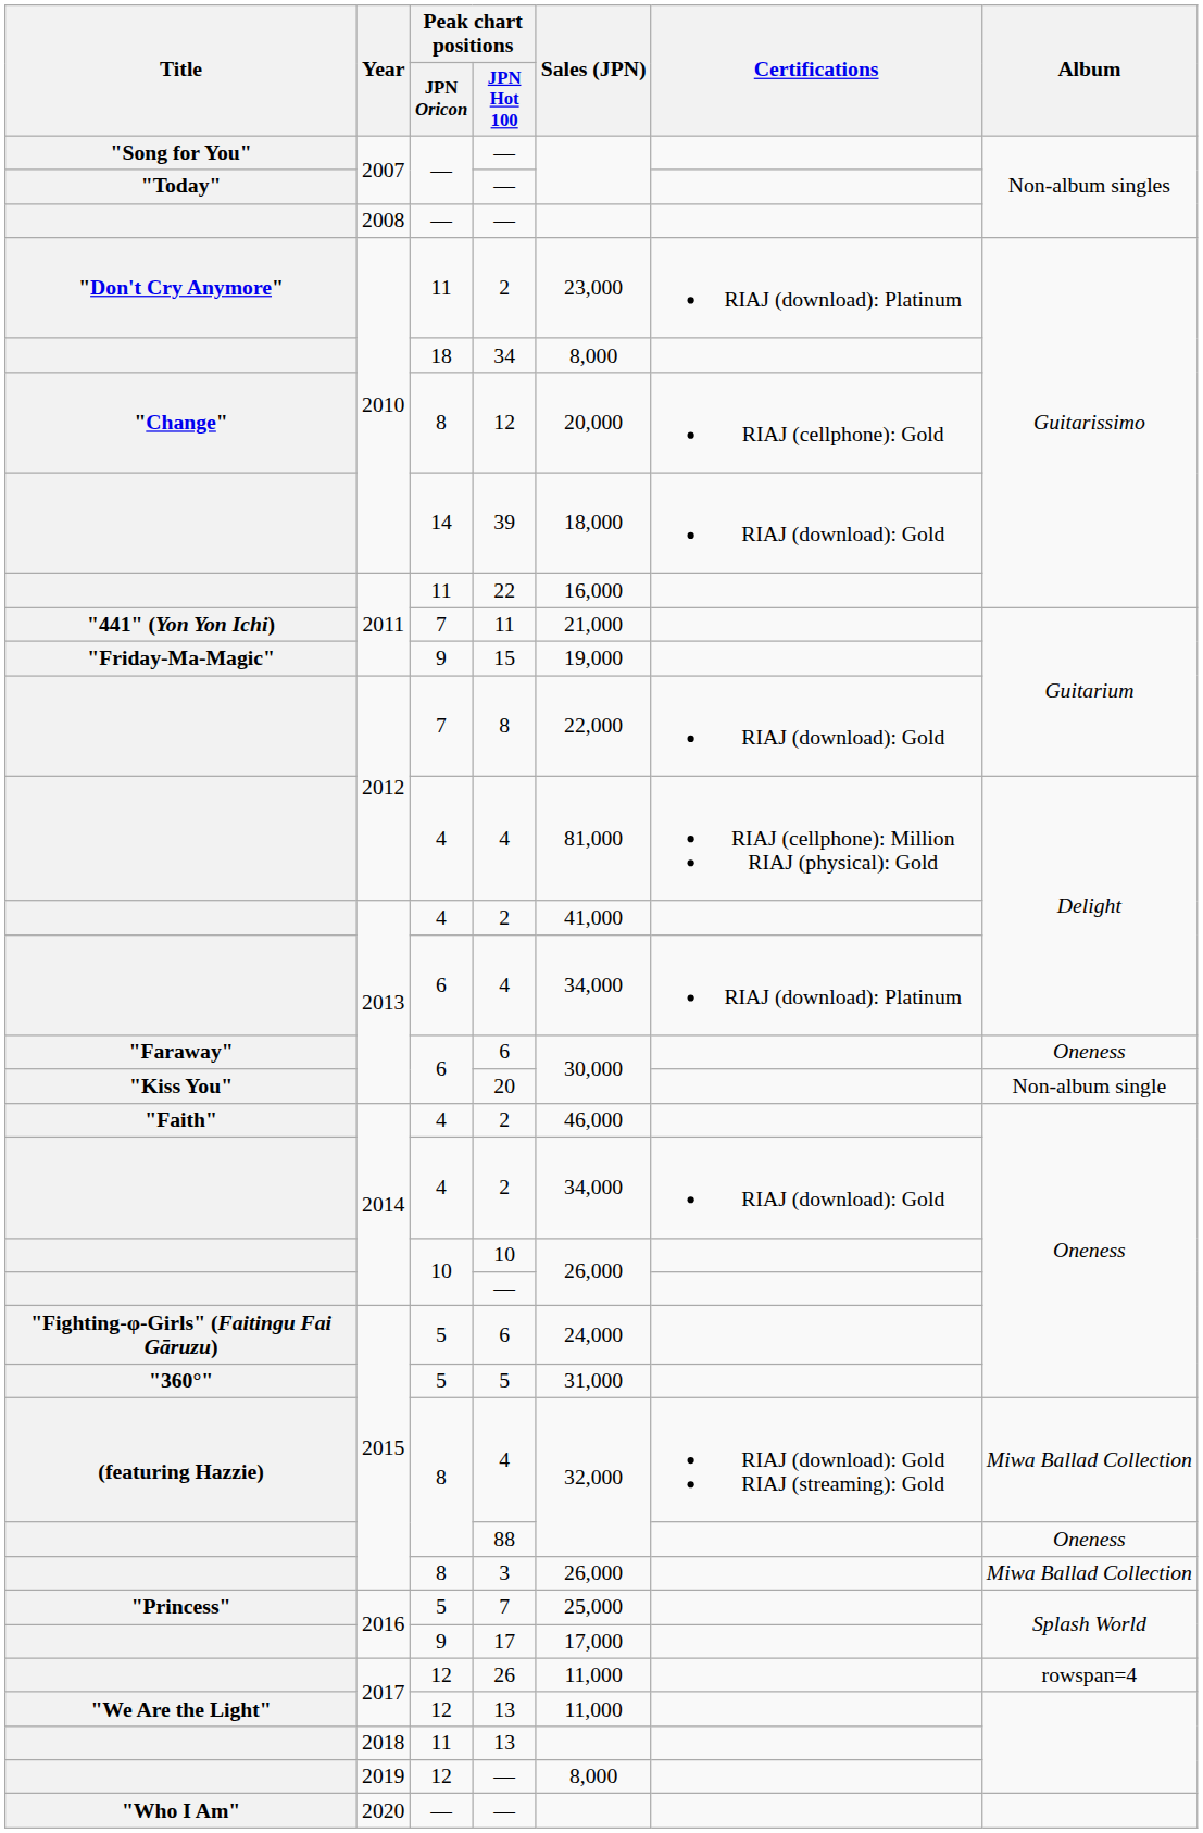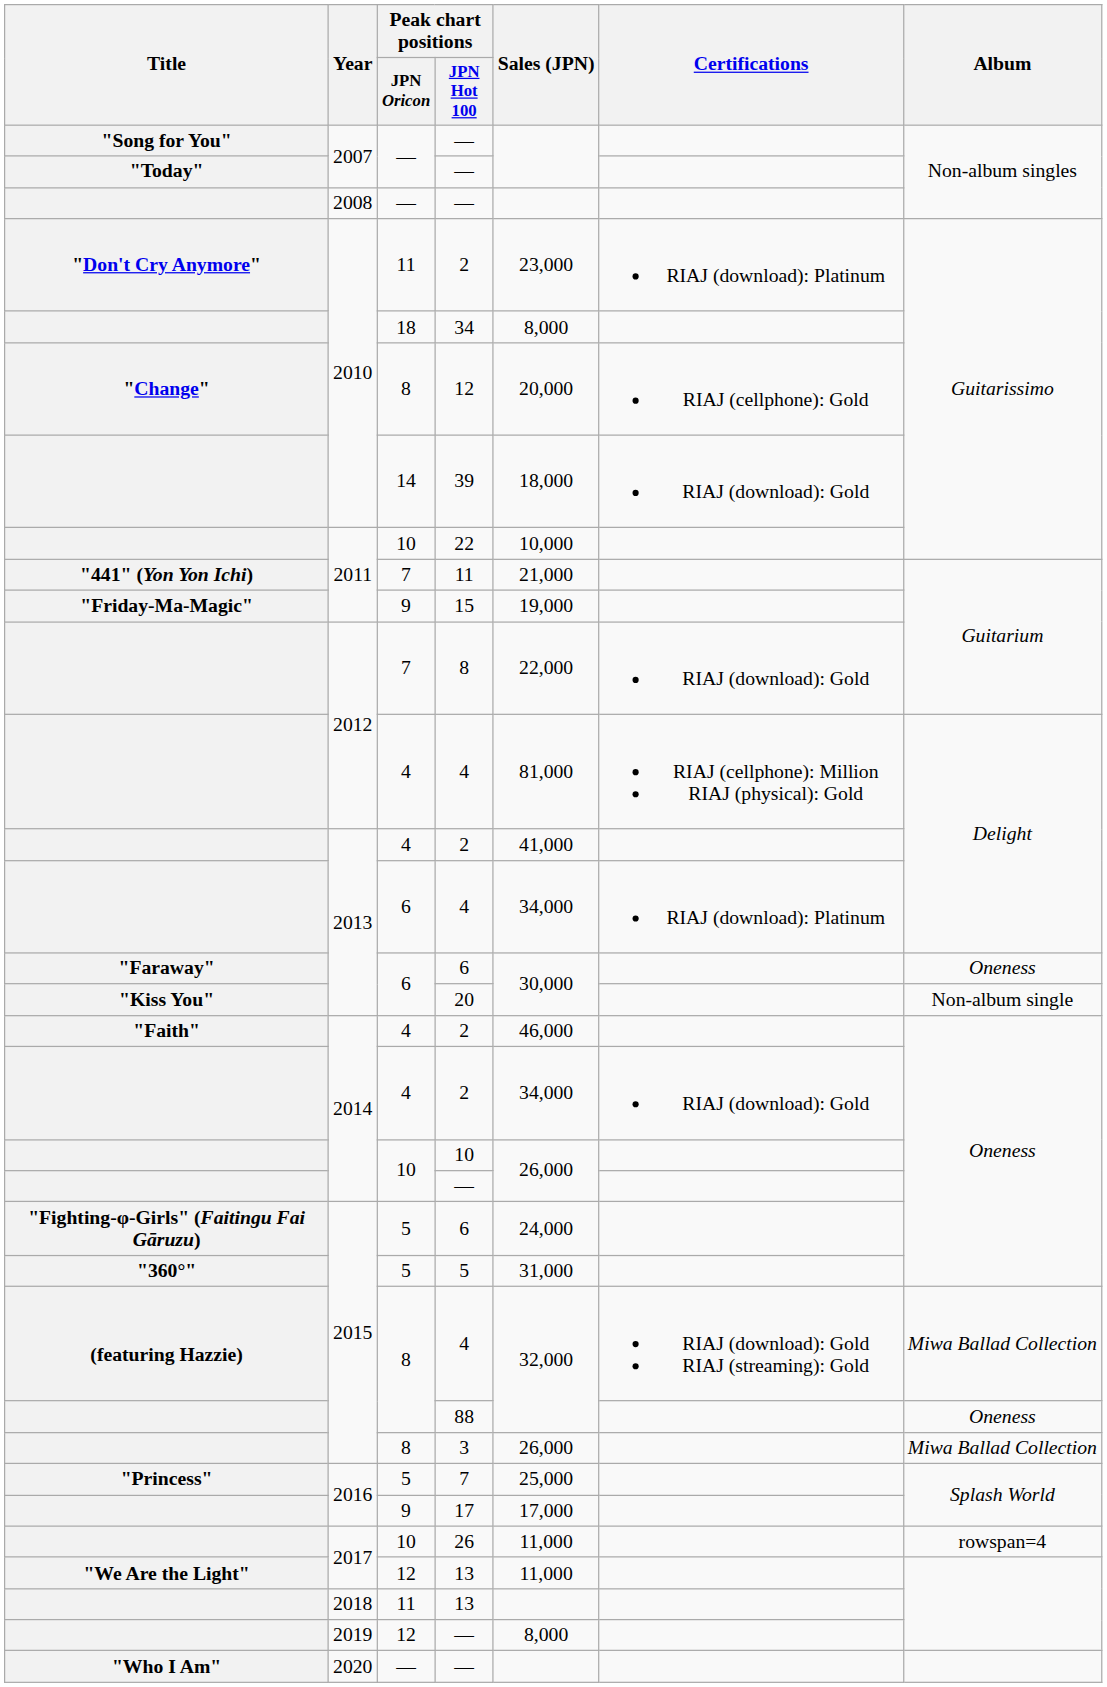 <table class="wikitable plainrowheaders" style="text-align:center;">
 <tr>
 <th scope="col" rowspan="2" style="width:16em;">Title</th>
 <th scope="col" rowspan="2">Year</th>
 <th scope="col" colspan="2">Peak chart positions</th>
 <th scope="col" rowspan="2">Sales (JPN)</th>
 <th scope="col" rowspan="2" style="width:15em;"><a href='#'>Certifications</a></th>
 <th scope="col" rowspan="2">Album</th>
 </tr>
 <tr>
 <th style="width:3em;font-size:85%">JPN <em>Oricon</em><br></th>
 <th style="width:3em;font-size:85%"><a href='#'>JPN Hot 100</a><br></th>
 </tr>
 <tr>
 <th scope="row">"Song for You"</th>
 <td rowspan=2>2007</td>
 <td rowspan=2>—</td>
 <td>—</td>
 <td rowspan=2></td>
 <td></td>
 <td rowspan=3>Non-album singles</td>
 </tr>
 <tr>
 <th scope="row">"Today"</th>
 <td>—</td>
 <td></td>
 </tr>
 <tr>
 <th scope="row"></th>
 <td>2008</td>
 <td>—</td>
 <td>—</td>
 <td></td>
 <td></td>
 </tr>
 <tr>
 <th scope="row">"<a href='#'>Don't Cry Anymore</a>"</th>
 <td rowspan=4>2010</td>
 <td>11</td>
 <td>2</td>
 <td>23,000</td>
 <td><br><ul><li>RIAJ <span>(download)</span>: Platinum</li></ul></td>
 <td rowspan=5><em>Guitarissimo</em></td>
 </tr>
 <tr>
 <th scope="row"></th>
 <td>18</td>
 <td>34</td>
 <td>8,000</td>
 <td></td>
 </tr>
 <tr>
 <th scope="row">"<a href='#'>Change</a>"</th>
 <td>8</td>
 <td>12</td>
 <td>20,000</td>
 <td><br><ul><li>RIAJ <span>(cellphone)</span>: Gold</li></ul></td>
 </tr>
 <tr>
 <th scope="row"></th>
 <td>14</td>
 <td>39</td>
 <td>18,000</td>
 <td><br><ul><li>RIAJ <span>(download)</span>: Gold</li></ul></td>
 </tr>
 <tr>
 <th scope="row"></th>
 <td rowspan=3>2011</td>
-<td>11</td>
+<td>10</td>
 <td>22</td>
-<td>16,000</td>
+<td>10,000</td>
 <td></td>
 </tr>
 <tr>
 <th scope="row">"441" (<em>Yon Yon Ichi</em>)</th>
 <td>7</td>
 <td>11</td>
 <td>21,000</td>
 <td></td>
 <td rowspan=3><em>Guitarium</em></td>
 </tr>
 <tr>
 <th scope="row">"Friday-Ma-Magic"</th>
 <td>9</td>
 <td>15</td>
 <td>19,000</td>
 <td></td>
 </tr>
 <tr>
 <th scope="row"></th>
 <td rowspan=2>2012</td>
 <td>7</td>
 <td>8</td>
 <td>22,000</td>
 <td><br><ul><li>RIAJ <span>(download)</span>: Gold</li></ul></td>
 </tr>
 <tr>
 <th scope="row"></th>
 <td>4</td>
 <td>4</td>
 <td>81,000</td>
 <td><br><ul><li>RIAJ <span>(cellphone)</span>: Million</li><li>RIAJ <span>(physical)</span>: Gold</li></ul></td>
 <td rowspan=3><em>Delight</em></td>
 </tr>
 <tr>
 <th scope="row"></th>
 <td rowspan=4>2013</td>
 <td>4</td>
 <td>2</td>
 <td>41,000</td>
 <td></td>
 </tr>
 <tr>
 <th scope="row"></th>
 <td>6</td>
 <td>4</td>
 <td>34,000</td>
 <td><br><ul><li>RIAJ <span>(download)</span>: Platinum</li></ul></td>
 </tr>
 <tr>
 <th scope="row">"Faraway"</th>
 <td rowspan=2>6</td>
 <td>6</td>
 <td rowspan=2>30,000</td>
 <td></td>
 <td><em>Oneness</em></td>
 </tr>
 <tr>
 <th scope="row">"Kiss You"</th>
 <td>20</td>
 <td></td>
 <td>Non-album single</td>
 </tr>
 <tr>
 <th scope="row">"Faith"</th>
 <td rowspan=4>2014</td>
 <td>4</td>
 <td>2</td>
 <td>46,000</td>
 <td></td>
 <td rowspan=6><em>Oneness</em></td>
 </tr>
 <tr>
 <th scope="row"></th>
 <td>4</td>
 <td>2</td>
 <td>34,000</td>
 <td><br><ul><li>RIAJ <span>(download)</span>: Gold</li></ul></td>
 </tr>
 <tr>
 <th scope="row"></th>
 <td rowspan=2>10</td>
 <td>10</td>
 <td rowspan=2>26,000</td>
 <td></td>
 </tr>
 <tr>
 <th scope="row"></th>
 <td>—</td>
 <td></td>
 </tr>
 <tr>
 <th scope="row">"Fighting-φ-Girls" (<em>Faitingu Fai Gāruzu</em>)</th>
 <td rowspan=5>2015</td>
 <td>5</td>
 <td>6</td>
 <td>24,000</td>
 <td></td>
 </tr>
 <tr>
 <th scope="row">"360°"</th>
 <td>5</td>
 <td>5</td>
 <td>31,000</td>
 <td></td>
 </tr>
 <tr>
 <th scope="row"><br><span>(featuring Hazzie)</span></th>
 <td rowspan=2>8</td>
 <td>4</td>
 <td rowspan=2>32,000</td>
 <td><br><ul><li>RIAJ <span>(download)</span>: Gold</li><li>RIAJ <span>(streaming)</span>: Gold</li></ul></td>
 <td><em>Miwa Ballad Collection</em></td>
 </tr>
 <tr>
 <th scope="row"></th>
 <td>88</td>
 <td></td>
 <td><em>Oneness</em></td>
 </tr>
 <tr>
 <th scope="row"></th>
 <td>8</td>
 <td>3</td>
 <td>26,000</td>
 <td></td>
 <td><em>Miwa Ballad Collection</em></td>
 </tr>
 <tr>
 <th scope="row">"Princess"</th>
 <td rowspan=2>2016</td>
 <td>5</td>
 <td>7</td>
 <td>25,000</td>
 <td></td>
 <td rowspan=2><em>Splash World</em></td>
 </tr>
 <tr>
 <th scope="row"></th>
 <td>9</td>
 <td>17</td>
 <td>17,000</td>
 <td></td>
 </tr>
 <tr>
 <th scope="row"></th>
 <td rowspan=2>2017</td>
-<td>12</td>
+<td>10</td>
 <td>26</td>
 <td>11,000</td>
 <td></td>
 <td>rowspan=4 </td>
 </tr>
 <tr>
 <th scope="row">"We Are the Light"</th>
 <td>12</td>
 <td>13</td>
 <td>11,000</td>
 <td></td>
 </tr>
 <tr>
 <th scope="row"></th>
 <td>2018</td>
 <td>11</td>
 <td>13</td>
 <td></td>
 <td></td>
 </tr>
 <tr>
 <th scope="row"></th>
 <td>2019</td>
 <td>12</td>
 <td>—</td>
 <td>8,000</td>
 <td></td>
 </tr>
 <tr>
 <th scope="row">"Who I Am"</th>
 <td>2020</td>
 <td>—</td>
 <td>—</td>
 <td></td>
 <td></td>
 <td></td>
 </tr>
 </table>
